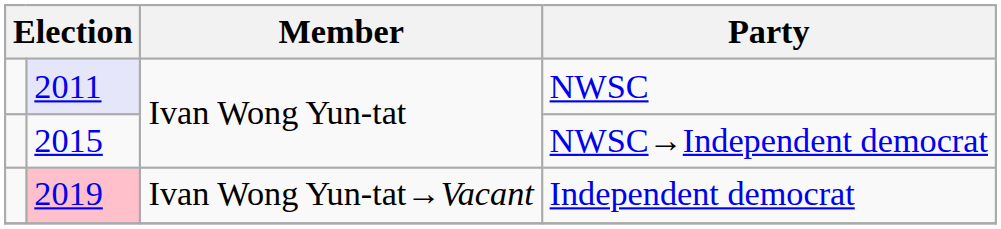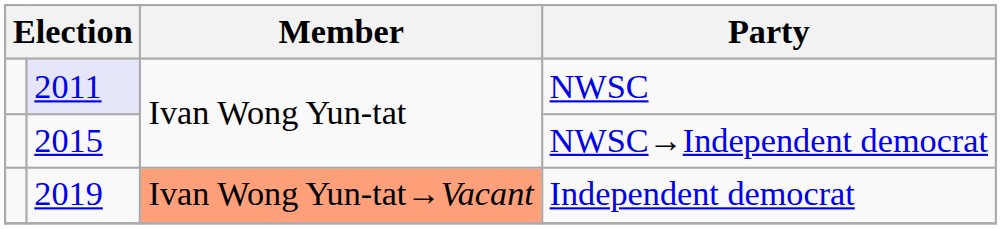 <table class="wikitable">
 <tr>
 <th colspan="2">Election</th>
 <th>Member</th>
 <th>Party</th>
 </tr>
 <tr>
 <td style="color:inherit;background:"></td>
 <td style="background: lavender;"><a href='#'>2011</a></td>
 <td rowspan=2>Ivan Wong Yun-tat</td>
 <td><a href='#'>NWSC</a></td>
 </tr>
 <tr>
 <td style="color:inherit;background:"></td>
 <td><a href='#'>2015</a></td>
 <td><a href='#'>NWSC</a>→<a href='#'>Independent democrat</a></td>
 </tr>
 <tr>
 <td style="color:inherit;background:"></td>
-<td style="background: pink;"><a href='#'>2019</a></td>
-<td>Ivan Wong Yun-tat→<em>Vacant</em></td>
+<td><a href='#'>2019</a></td>
+<td style="background: lightsalmon;">Ivan Wong Yun-tat→<em>Vacant</em></td>
 <td><a href='#'>Independent democrat</a></td>
 </tr>
 <tr>
 </tr>
 </table>
